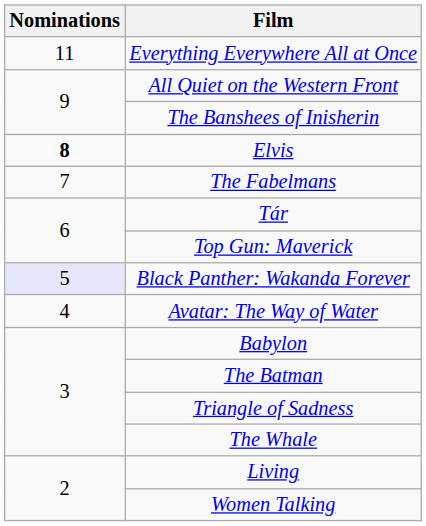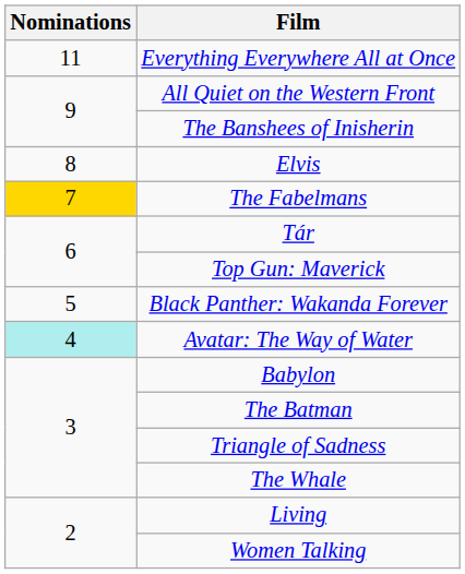 <table class="wikitable plainrowheaders" style="text-align: center; float:left; margin-right:1em;">
 <tr>
 <th scope="col" style="width:55px;">Nominations</th>
 <th scope="col" style="text-align:center;">Film</th>
 </tr>
 <tr>
 <td scope="row" style="text-align:center">11</td>
 <td><em><a href='#'>Everything Everywhere All at Once</a></em></td>
 </tr>
 <tr>
 <td scope="row" rowspan="2" style="text-align:center">9</td>
 <td><em><a href='#'>All Quiet on the Western Front</a></em></td>
 </tr>
 <tr>
 <td><em><a href='#'>The Banshees of Inisherin</a></em></td>
 </tr>
 <tr>
-<td scope="row" style="text-align:center"><strong>8</strong></td>
+<td scope="row" style="text-align:center">8</td>
 <td><em><a href='#'>Elvis</a></em></td>
 </tr>
 <tr>
-<td scope="row" style="text-align:center">7</td>
+<td scope="row" style="background: gold; text-align:center">7</td>
 <td><em><a href='#'>The Fabelmans</a></em></td>
 </tr>
 <tr>
 <td scope="row" rowspan="2" style="text-align:center">6</td>
 <td><em><a href='#'>Tár</a></em></td>
 </tr>
 <tr>
 <td><em><a href='#'>Top Gun: Maverick</a></em></td>
 </tr>
 <tr>
-<td scope="row" style="background: lavender; text-align:center">5</td>
+<td scope="row" style="text-align:center">5</td>
 <td><em><a href='#'>Black Panther: Wakanda Forever</a></em></td>
 </tr>
 <tr>
-<td scope="row" style="text-align:center">4</td>
+<td scope="row" style="background: paleturquoise; text-align:center">4</td>
 <td><em><a href='#'>Avatar: The Way of Water</a></em></td>
 </tr>
 <tr>
 <td scope="row" rowspan="4" style="text-align:center">3</td>
 <td><em><a href='#'>Babylon</a></em></td>
 </tr>
 <tr>
 <td><em><a href='#'>The Batman</a></em></td>
 </tr>
 <tr>
 <td><em><a href='#'>Triangle of Sadness</a></em></td>
 </tr>
 <tr>
 <td><em><a href='#'>The Whale</a></em></td>
 </tr>
 <tr>
 <td scope="row" rowspan="2" style="text-align:center">2</td>
 <td><em><a href='#'>Living</a></em></td>
 </tr>
 <tr>
 <td><em><a href='#'>Women Talking</a></em></td>
 </tr>
 </table>
